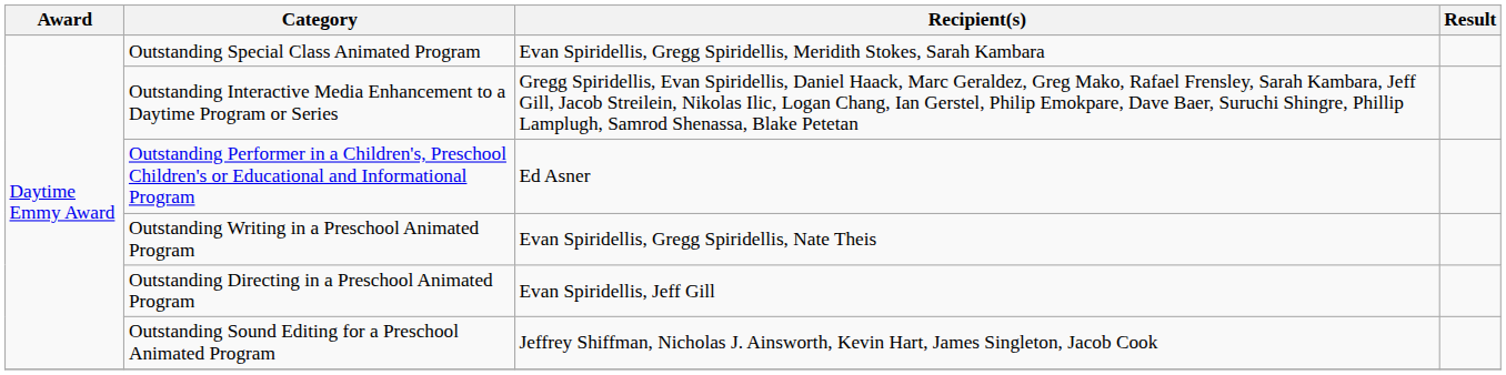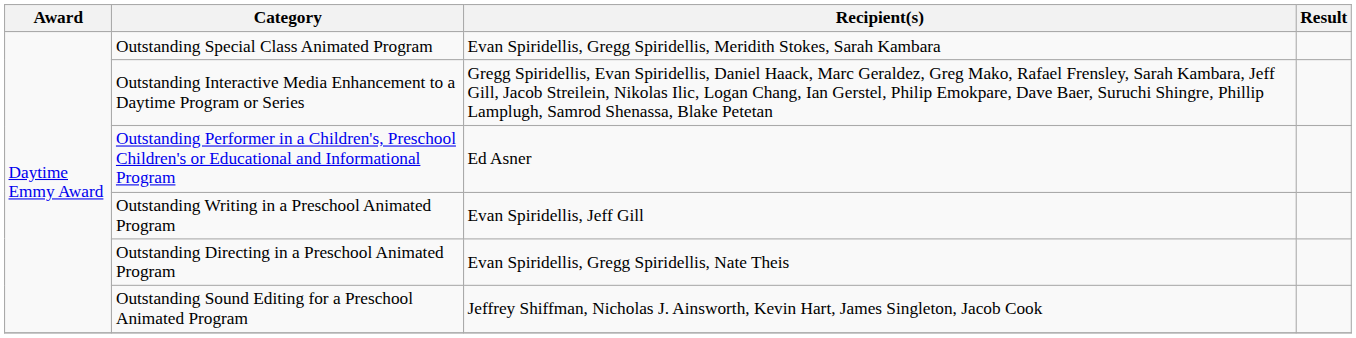 <table class="wikitable sortable">
 <tr>
 <th>Award</th>
 <th>Category</th>
 <th>Recipient(s)</th>
 <th>Result</th>
 </tr>
 <tr>
 <td rowspan=6><a href='#'>Daytime Emmy Award</a></td>
 <td>Outstanding Special Class Animated Program</td>
 <td>Evan Spiridellis, Gregg Spiridellis, Meridith Stokes, Sarah Kambara</td>
 <td></td>
 </tr>
 <tr>
 <td>Outstanding Interactive Media Enhancement to a Daytime Program or Series</td>
 <td>Gregg Spiridellis, Evan Spiridellis, Daniel Haack, Marc Geraldez, Greg Mako, Rafael Frensley, Sarah Kambara, Jeff Gill, Jacob Streilein, Nikolas Ilic, Logan Chang, Ian Gerstel, Philip Emokpare, Dave Baer, Suruchi Shingre, Phillip Lamplugh, Samrod Shenassa, Blake Petetan</td>
 <td></td>
 </tr>
 <tr>
 <td><a href='#'>Outstanding Performer in a Children's, Preschool Children's or Educational and Informational Program</a></td>
 <td>Ed Asner</td>
 <td></td>
 </tr>
 <tr>
 <td>Outstanding Writing in a Preschool Animated Program</td>
-<td Ian Worrel, Taylor Clutter, Jeff Gill, Nikolas Ilic, Kendall Nelson, Taylor Price, Evan Spiridellis, Jacob Streilein, Nate Theis, Eddie West>Evan Spiridellis, Gregg Spiridellis, Nate Theis</td>
+<td Leonardo Nasca, Jared Nugent, Jeffrey Shiffman>Evan Spiridellis, Jeff Gill</td>
 <td></td>
 </tr>
 <tr>
 <td>Outstanding Directing in a Preschool Animated Program</td>
-<td Leonardo Nasca, Jared Nugent, Jeffrey Shiffman>Evan Spiridellis, Jeff Gill</td>
+<td Ian Worrel, Taylor Clutter, Jeff Gill, Nikolas Ilic, Kendall Nelson, Taylor Price, Evan Spiridellis, Jacob Streilein, Nate Theis, Eddie West>Evan Spiridellis, Gregg Spiridellis, Nate Theis</td>
 <td></td>
 </tr>
 <tr>
 <td>Outstanding Sound Editing for a Preschool Animated Program</td>
 <td Jeffrey Shiffman, David Carfagno, Brad Meyer, Nicholas J. Ainsworth, Elliot Herman>Jeffrey Shiffman, Nicholas J. Ainsworth, Kevin Hart, James Singleton, Jacob Cook</td>
 <td></td>
 </tr>
 <tr>
 </tr>
 </table>
